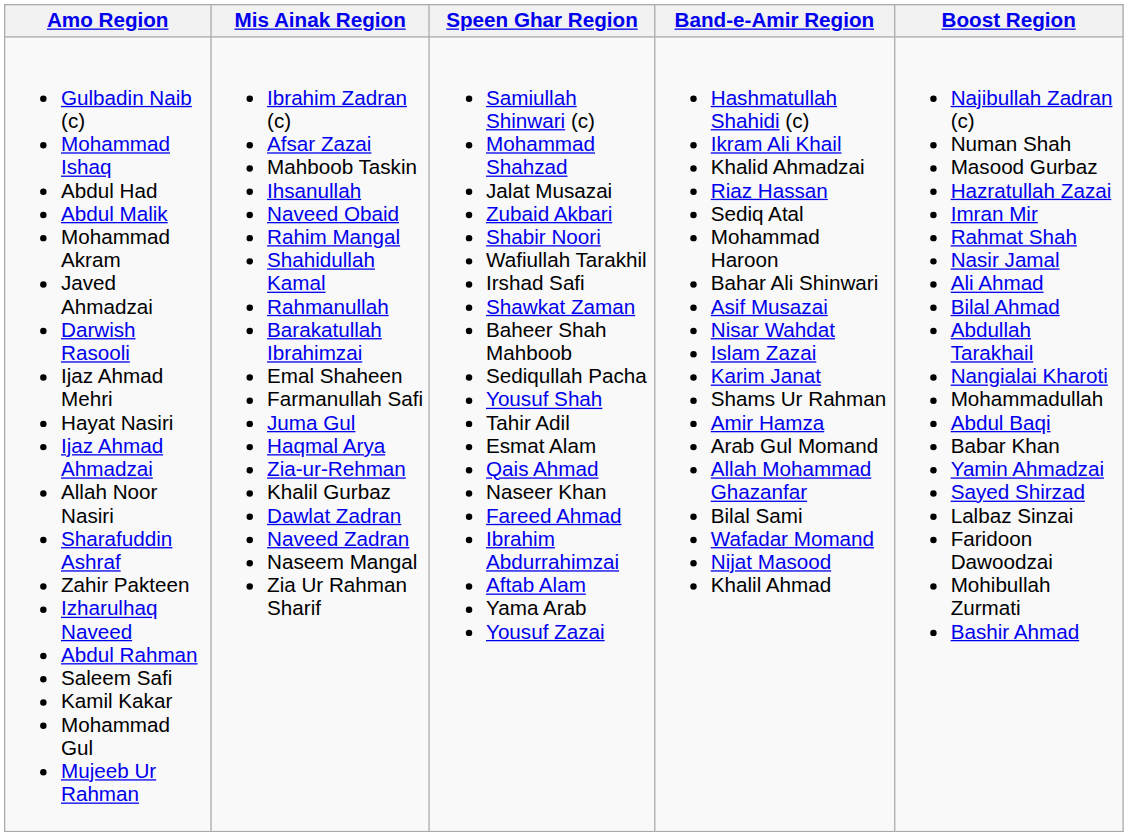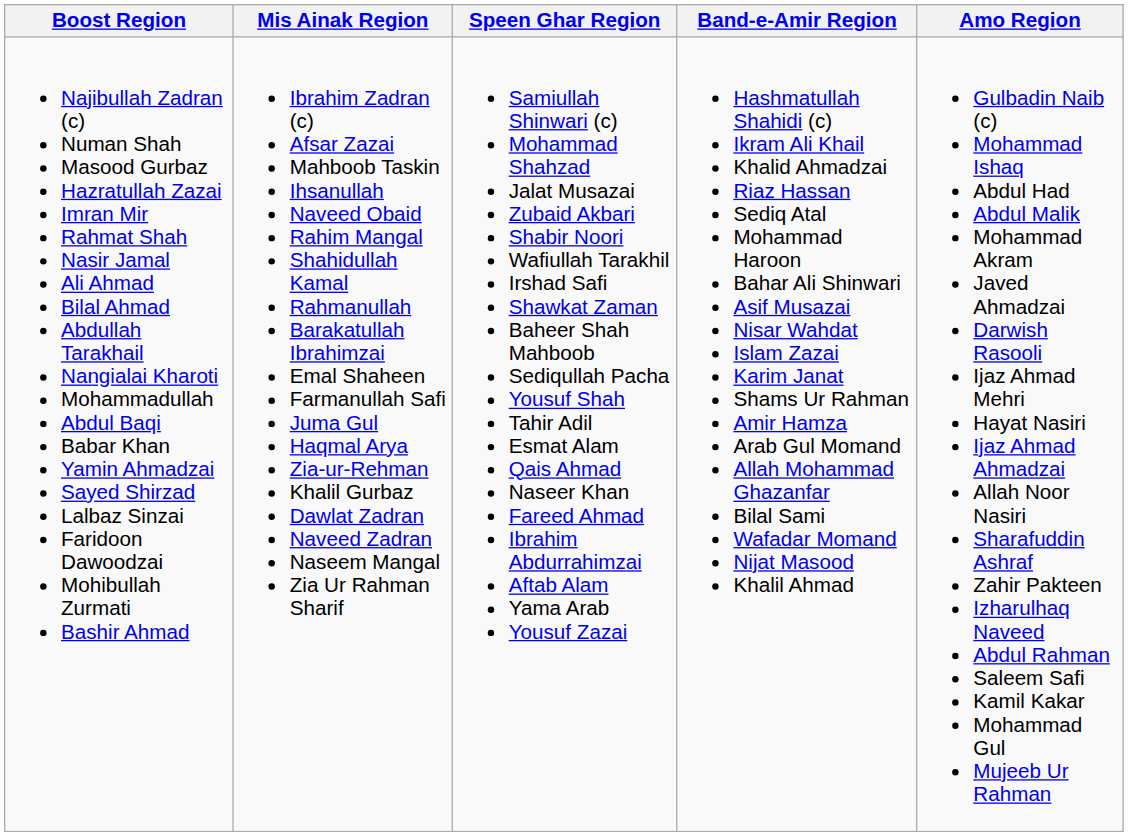 <table class="wikitable">
 <tr>
-<th><a href='#'>Amo Region</a></th>
+<th><a href='#'>Boost Region</a></th>
 <th><a href='#'>Mis Ainak Region</a></th>
 <th><a href='#'>Speen Ghar Region</a></th>
 <th><a href='#'>Band-e-Amir Region</a></th>
-<th><a href='#'>Boost Region</a></th>
+<th><a href='#'>Amo Region</a></th>
 </tr>
 <tr>
-<td valign=top><br><ul><li><a href='#'>Gulbadin Naib</a> (c)</li><li><a href='#'>Mohammad Ishaq</a></li><li>Abdul Had</li><li><a href='#'>Abdul Malik</a></li><li>Mohammad Akram</li><li>Javed Ahmadzai</li><li><a href='#'>Darwish Rasooli</a></li><li>Ijaz Ahmad Mehri</li><li>Hayat Nasiri</li><li><a href='#'>Ijaz Ahmad Ahmadzai</a></li><li>Allah Noor Nasiri</li><li><a href='#'>Sharafuddin Ashraf</a></li><li>Zahir Pakteen</li><li><a href='#'>Izharulhaq Naveed</a></li><li><a href='#'>Abdul Rahman</a></li><li>Saleem Safi</li><li>Kamil Kakar</li><li>Mohammad Gul</li><li><a href='#'>Mujeeb Ur Rahman</a></li></ul></td>
+<td valign=top><br><ul><li><a href='#'>Najibullah Zadran</a> (c)</li><li>Numan Shah</li><li>Masood Gurbaz</li><li><a href='#'>Hazratullah Zazai</a></li><li><a href='#'>Imran Mir</a></li><li><a href='#'>Rahmat Shah</a></li><li><a href='#'>Nasir Jamal</a></li><li><a href='#'>Ali Ahmad</a></li><li><a href='#'>Bilal Ahmad</a></li><li><a href='#'>Abdullah Tarakhail</a></li><li><a href='#'>Nangialai Kharoti</a></li><li>Mohammadullah</li><li><a href='#'>Abdul Baqi</a></li><li>Babar Khan</li><li><a href='#'>Yamin Ahmadzai</a></li><li><a href='#'>Sayed Shirzad</a></li><li>Lalbaz Sinzai</li><li>Faridoon Dawoodzai</li><li>Mohibullah Zurmati</li><li><a href='#'>Bashir Ahmad</a></li></ul></td>
 <td valign=top><br><ul><li><a href='#'>Ibrahim Zadran</a> (c)</li><li><a href='#'>Afsar Zazai</a></li><li>Mahboob Taskin</li><li><a href='#'>Ihsanullah</a></li><li><a href='#'>Naveed Obaid</a></li><li><a href='#'>Rahim Mangal</a></li><li><a href='#'>Shahidullah Kamal</a></li><li><a href='#'>Rahmanullah</a></li><li><a href='#'>Barakatullah Ibrahimzai</a></li><li>Emal Shaheen</li><li>Farmanullah Safi</li><li><a href='#'>Juma Gul</a></li><li><a href='#'>Haqmal Arya</a></li><li><a href='#'>Zia-ur-Rehman</a></li><li>Khalil Gurbaz</li><li><a href='#'>Dawlat Zadran</a></li><li><a href='#'>Naveed Zadran</a></li><li>Naseem Mangal</li><li>Zia Ur Rahman Sharif</li></ul></td>
 <td valign=top><br><ul><li><a href='#'>Samiullah Shinwari</a> (c)</li><li><a href='#'>Mohammad Shahzad</a></li><li>Jalat Musazai</li><li><a href='#'>Zubaid Akbari</a></li><li><a href='#'>Shabir Noori</a></li><li>Wafiullah Tarakhil</li><li>Irshad Safi</li><li><a href='#'>Shawkat Zaman</a></li><li>Baheer Shah Mahboob</li><li>Sediqullah Pacha</li><li><a href='#'>Yousuf Shah</a></li><li>Tahir Adil</li><li>Esmat Alam</li><li><a href='#'>Qais Ahmad</a></li><li>Naseer Khan</li><li><a href='#'>Fareed Ahmad</a></li><li><a href='#'>Ibrahim Abdurrahimzai</a></li><li><a href='#'>Aftab Alam</a></li><li>Yama Arab</li><li><a href='#'>Yousuf Zazai</a></li></ul></td>
 <td valign=top><br><ul><li><a href='#'>Hashmatullah Shahidi</a> (c)</li><li><a href='#'>Ikram Ali Khail</a></li><li>Khalid Ahmadzai</li><li><a href='#'>Riaz Hassan</a></li><li>Sediq Atal</li><li>Mohammad Haroon</li><li>Bahar Ali Shinwari</li><li><a href='#'>Asif Musazai</a></li><li><a href='#'>Nisar Wahdat</a></li><li><a href='#'>Islam Zazai</a></li><li><a href='#'>Karim Janat</a></li><li>Shams Ur Rahman</li><li><a href='#'>Amir Hamza</a></li><li>Arab Gul Momand</li><li><a href='#'>Allah Mohammad Ghazanfar</a></li><li>Bilal Sami</li><li><a href='#'>Wafadar Momand</a></li><li><a href='#'>Nijat Masood</a></li><li>Khalil Ahmad</li></ul></td>
-<td valign=top><br><ul><li><a href='#'>Najibullah Zadran</a> (c)</li><li>Numan Shah</li><li>Masood Gurbaz</li><li><a href='#'>Hazratullah Zazai</a></li><li><a href='#'>Imran Mir</a></li><li><a href='#'>Rahmat Shah</a></li><li><a href='#'>Nasir Jamal</a></li><li><a href='#'>Ali Ahmad</a></li><li><a href='#'>Bilal Ahmad</a></li><li><a href='#'>Abdullah Tarakhail</a></li><li><a href='#'>Nangialai Kharoti</a></li><li>Mohammadullah</li><li><a href='#'>Abdul Baqi</a></li><li>Babar Khan</li><li><a href='#'>Yamin Ahmadzai</a></li><li><a href='#'>Sayed Shirzad</a></li><li>Lalbaz Sinzai</li><li>Faridoon Dawoodzai</li><li>Mohibullah Zurmati</li><li><a href='#'>Bashir Ahmad</a></li></ul></td>
+<td valign=top><br><ul><li><a href='#'>Gulbadin Naib</a> (c)</li><li><a href='#'>Mohammad Ishaq</a></li><li>Abdul Had</li><li><a href='#'>Abdul Malik</a></li><li>Mohammad Akram</li><li>Javed Ahmadzai</li><li><a href='#'>Darwish Rasooli</a></li><li>Ijaz Ahmad Mehri</li><li>Hayat Nasiri</li><li><a href='#'>Ijaz Ahmad Ahmadzai</a></li><li>Allah Noor Nasiri</li><li><a href='#'>Sharafuddin Ashraf</a></li><li>Zahir Pakteen</li><li><a href='#'>Izharulhaq Naveed</a></li><li><a href='#'>Abdul Rahman</a></li><li>Saleem Safi</li><li>Kamil Kakar</li><li>Mohammad Gul</li><li><a href='#'>Mujeeb Ur Rahman</a></li></ul></td>
 </tr>
 </table>
